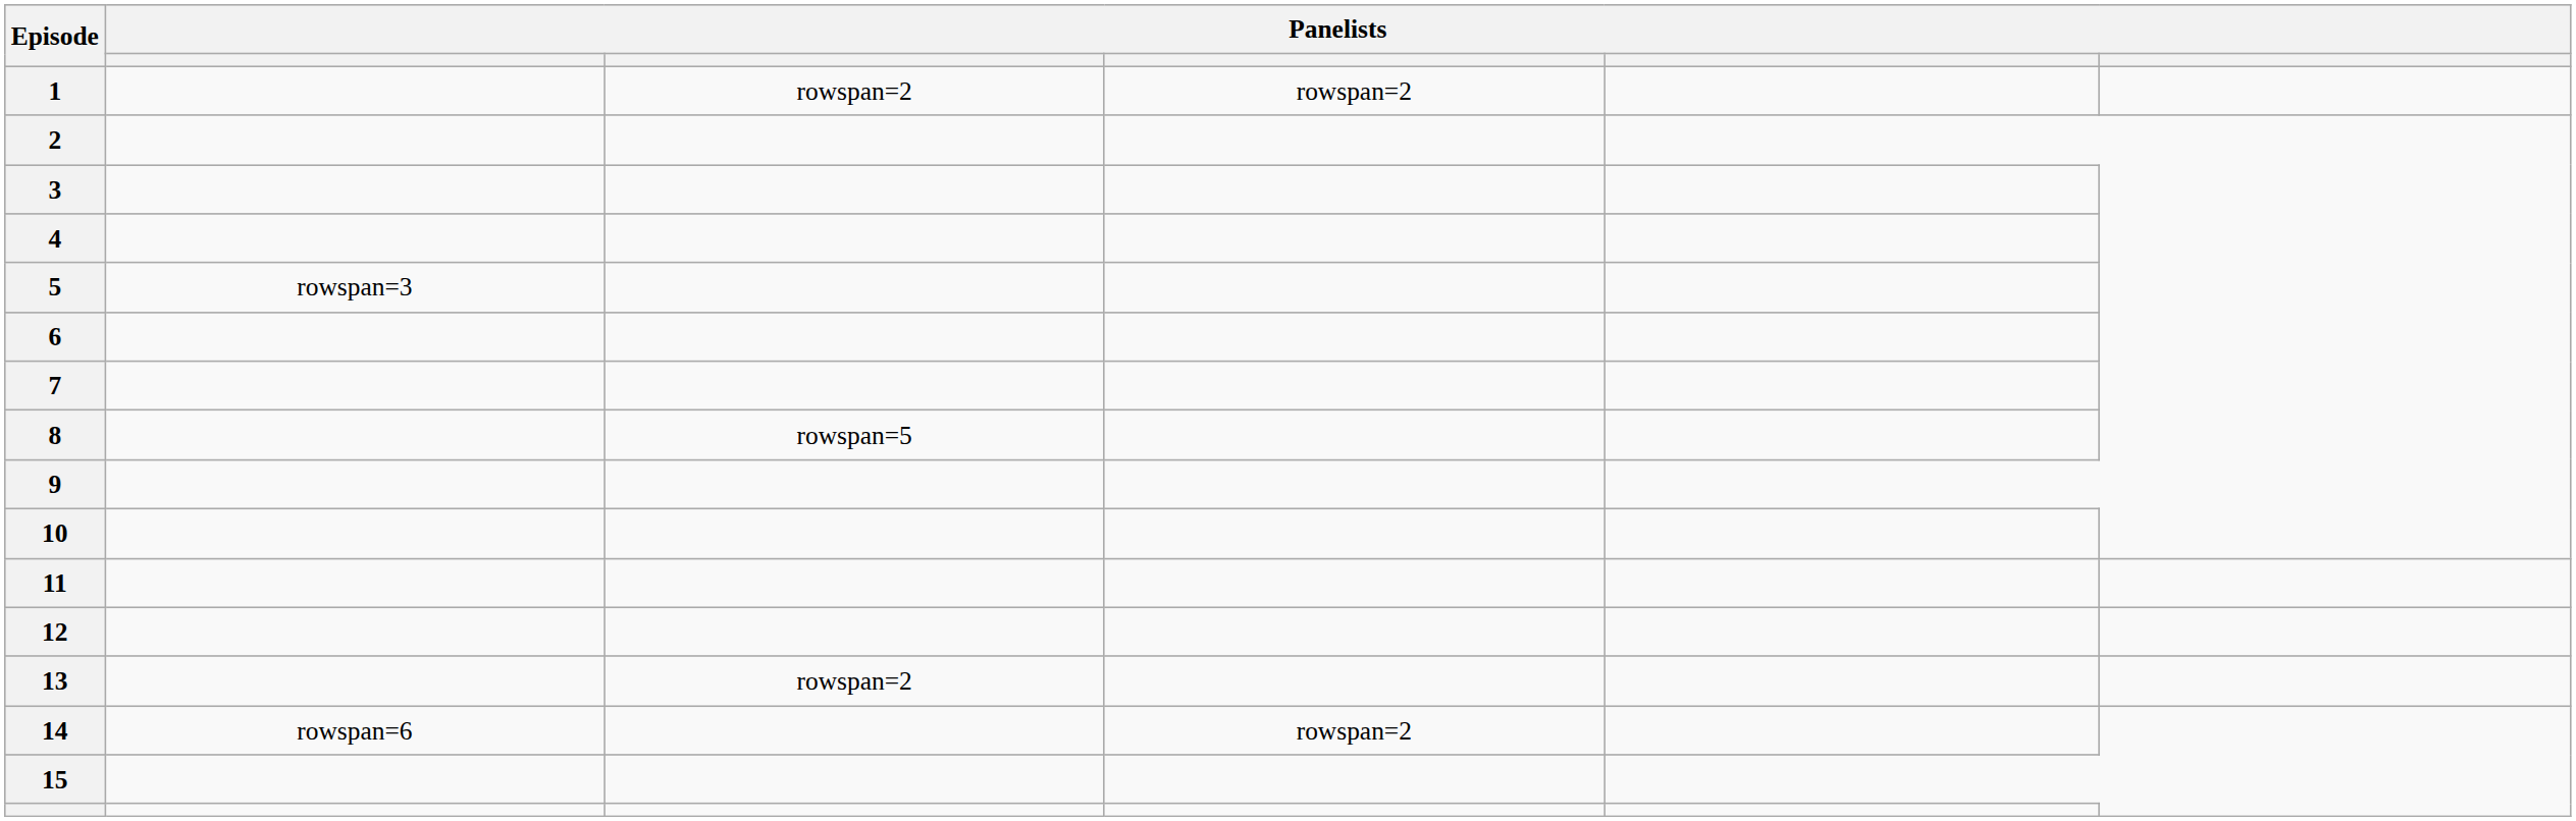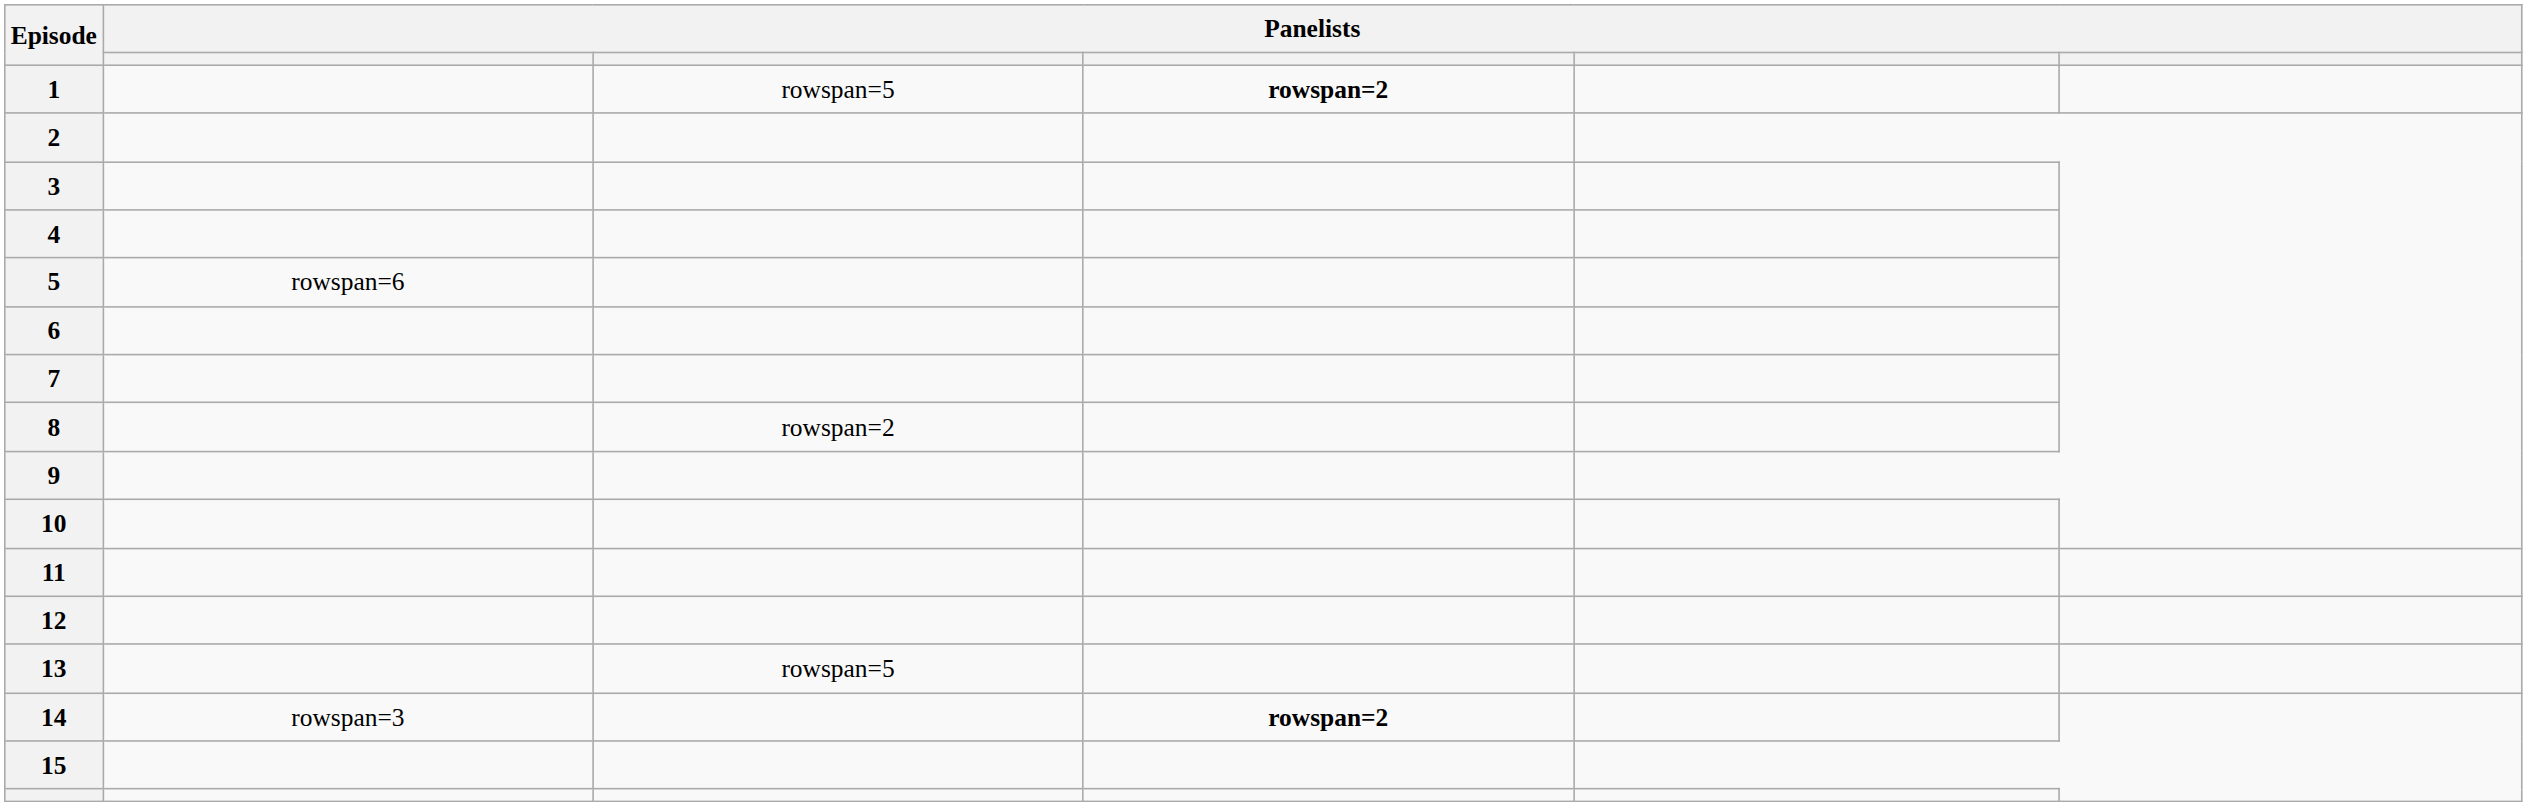 <table class="wikitable plainrowheaders mw-collapsible" style="text-align:center; line-height:23px; width:100%;">
 <tr>
 <th rowspan="2" width="1%">Episode</th>
 <th colspan="5">Panelists</th>
 </tr>
 <tr>
 <th width="20%"></th>
 <th width="20%"></th>
 <th width="20%"></th>
 <th width="20%"></th>
 <th width="20%"></th>
 </tr>
 <tr>
 <th>1</th>
 <td></td>
-<td>rowspan=2 </td>
-<td>rowspan=2 </td>
+<td>rowspan=5 </td>
+<td><strong>rowspan=2 </strong></td>
 <td></td>
 <td></td>
 </tr>
 <tr>
 <th>2</th>
 <td></td>
 <td></td>
 <td></td>
 </tr>
 <tr>
 <th>3</th>
 <td></td>
 <td></td>
 <td></td>
 <td></td>
 </tr>
 <tr>
 <th>4</th>
 <td></td>
 <td></td>
 <td></td>
 <td></td>
 </tr>
 <tr>
 <th>5</th>
-<td>rowspan=3 </td>
+<td>rowspan=6 </td>
 <td></td>
 <td></td>
 <td></td>
 </tr>
 <tr>
 <th>6</th>
 <td></td>
 <td></td>
 <td></td>
 <td></td>
 </tr>
 <tr>
 <th>7</th>
 <td></td>
 <td></td>
 <td></td>
 <td></td>
 </tr>
 <tr>
 <th>8</th>
 <td></td>
-<td>rowspan=5 </td>
+<td>rowspan=2 </td>
 <td></td>
 <td></td>
 </tr>
 <tr>
 <th>9</th>
 <td></td>
 <td></td>
 <td></td>
 </tr>
 <tr>
 <th>10</th>
 <td></td>
 <td></td>
 <td></td>
 <td></td>
 </tr>
 <tr>
 <th>11</th>
 <td></td>
 <td></td>
 <td></td>
 <td></td>
 <td></td>
 </tr>
 <tr>
 <th>12</th>
 <td></td>
 <td></td>
 <td></td>
 <td></td>
 <td></td>
 </tr>
 <tr>
 <th>13</th>
 <td></td>
-<td>rowspan=2 </td>
+<td>rowspan=5 </td>
 <td></td>
 <td></td>
 <td></td>
 </tr>
 <tr>
 <th>14</th>
-<td>rowspan=6 </td>
+<td>rowspan=3 </td>
 <td></td>
-<td>rowspan=2 </td>
+<td><strong>rowspan=2 </strong></td>
 <td></td>
 </tr>
 <tr>
 <th>15</th>
 <td></td>
 <td></td>
 <td></td>
 </tr>
 <tr>
 <th></th>
 <td></td>
 <td></td>
 <td></td>
 <td></td>
 </tr>
 </table>
